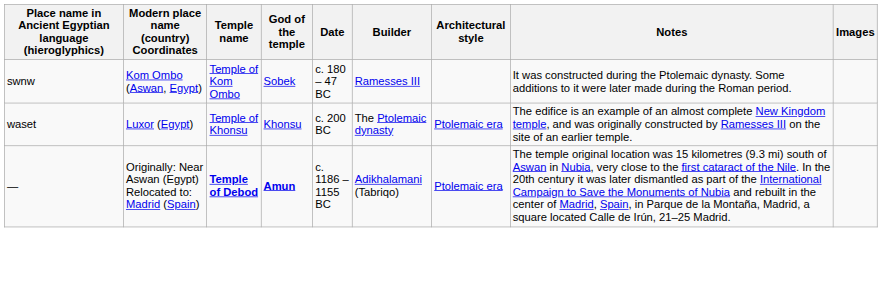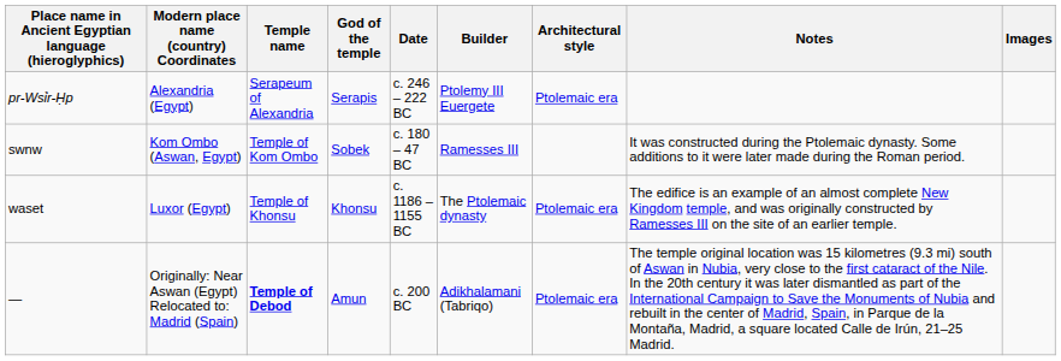 <table class="wikitable sortable">
 <tr>
 <th><strong>Place name in Ancient Egyptian language (hieroglyphics)</strong></th>
 <th>Modern place name<br>(country) Coordinates</th>
 <th>Temple<br>name</th>
 <th>God of the temple</th>
 <th>Date</th>
 <th>Builder</th>
 <th>Architectural style</th>
 <th>Notes</th>
 <th>Images</th>
+</tr>
+<tr>
+<td><em>pr-Wsỉr-Ḥp</em> </td>
+<td><a href='#'>Alexandria</a> (<a href='#'>Egypt</a>)</td>
+<td><a href='#'>Serapeum of Alexandria</a></td>
+<td><a href='#'>Serapis</a></td>
+<td>c. 246 – 222 BC</td>
+<td><a href='#'>Ptolemy III Euergete</a></td>
+<td><a href='#'>Ptolemaic era</a></td>
+<td></td>
+<td></td>
 </tr>
 <tr>
 <td>swnw </td>
 <td><a href='#'>Kom Ombo</a> (<a href='#'>Aswan</a>, <a href='#'>Egypt</a>)</td>
 <td><a href='#'>Temple of Kom Ombo</a></td>
 <td><a href='#'>Sobek</a></td>
 <td>c. 180 – 47 BC</td>
 <td><a href='#'>Ramesses III</a></td>
 <td></td>
 <td>It was constructed during the Ptolemaic dynasty. Some additions to it were later made during the Roman period.</td>
 <td></td>
 </tr>
 <tr>
 <td>waset </td>
 <td><a href='#'>Luxor</a> (<a href='#'>Egypt</a>)</td>
 <td><a href='#'>Temple of Khonsu</a></td>
 <td><a href='#'>Khonsu</a></td>
-<td>c. 200 BC</td>
+<td>c. 1186 – 1155 BC</td>
 <td>The <a href='#'>Ptolemaic dynasty</a></td>
 <td><a href='#'>Ptolemaic era</a></td>
 <td>The edifice is an example of an almost complete <a href='#'>New Kingdom</a> <a href='#'>temple</a>, and was originally constructed by <a href='#'>Ramesses III</a> on the site of an earlier temple.</td>
 <td></td>
 </tr>
 <tr>
 <td>—</td>
 <td>Originally: Near Aswan (Egypt)<br>Relocated to: <a href='#'>Madrid</a> (<a href='#'>Spain</a>)</td>
 <td><strong><a href='#'>Temple of Debod</a></strong></td>
-<td><strong><a href='#'>Amun</a></strong></td>
-<td>c. 1186 – 1155 BC</td>
+<td><a href='#'>Amun</a></td>
+<td>c. 200 BC</td>
 <td><a href='#'>Adikhalamani</a> (Tabriqo)</td>
 <td><a href='#'>Ptolemaic era</a></td>
 <td>The temple original location was 15 kilometres (9.3 mi) south of <a href='#'>Aswan</a> in <a href='#'>Nubia</a>, very close to the <a href='#'>first cataract of the Nile</a>. In the 20th century it was later dismantled as part of the <a href='#'>International Campaign to Save the Monuments of Nubia</a> and rebuilt in the center of <a href='#'>Madrid</a>, <a href='#'>Spain</a>, in Parque de la Montaña, Madrid, a square located Calle de Irún, 21–25 Madrid.</td>
 <td></td>
 </tr>
 </table>
